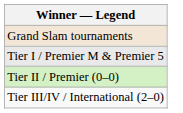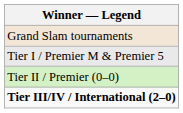 <table class=wikitable style=font-size:90%>
 <tr>
 <th>Winner — Legend</th>
 </tr>
 <tr style="background:#f3e6d7;">
 <td>Grand Slam tournaments</td>
 </tr>
 <tr>
 <td bgcolor=e9e9e9>Tier I / Premier M & Premier 5</td>
 </tr>
 <tr>
 <td bgcolor=d4f1c5>Tier II / Premier (0–0)</td>
 </tr>
 <tr>
-<td>Tier III/IV / International (2–0)</td>
+<td><strong>Tier III/IV / International (2–0)</strong></td>
 </tr>
 </table>
